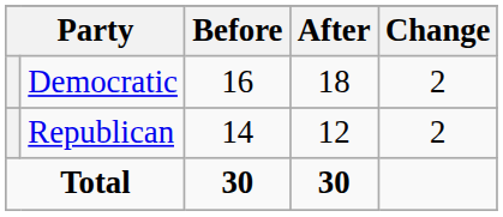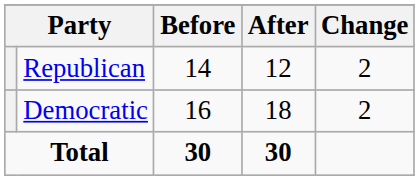 <table class="wikitable" style="text-align:center;">
 <tr>
 </tr>
 <tr>
 <th colspan=2>Party</th>
 <th>Before</th>
 <th>After</th>
 <th>Change</th>
 </tr>
 <tr>
 <th style="background-color:"></th>
-<td style="text-align:left;"><a href='#'>Democratic</a></td>
-<td>16</td>
-<td>18</td>
+<td style="text-align:left;"><a href='#'>Republican</a></td>
+<td>14</td>
+<td>12</td>
 <td> 2</td>
 </tr>
 <tr>
 <th style="background-color:"></th>
-<td style="text-align:left;"><a href='#'>Republican</a></td>
-<td>14</td>
-<td>12</td>
+<td style="text-align:left;"><a href='#'>Democratic</a></td>
+<td>16</td>
+<td>18</td>
 <td> 2</td>
 </tr>
 <tr>
 <td colspan=2><strong>Total</strong></td>
 <td><strong>30</strong></td>
 <td><strong>30</strong></td>
 <td></td>
 </tr>
 </table>
